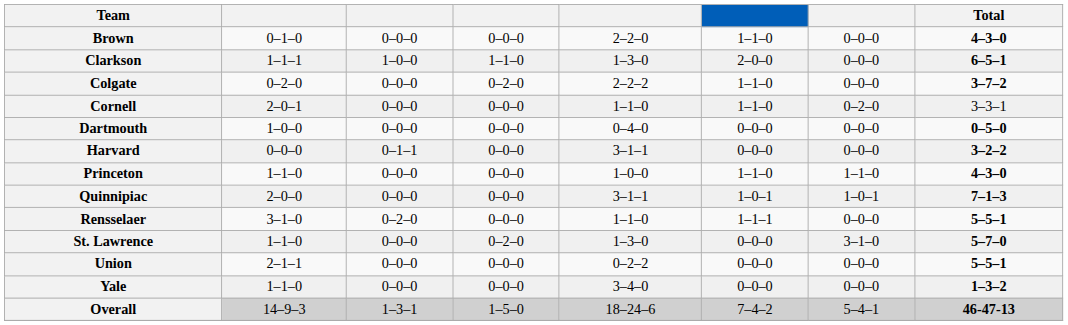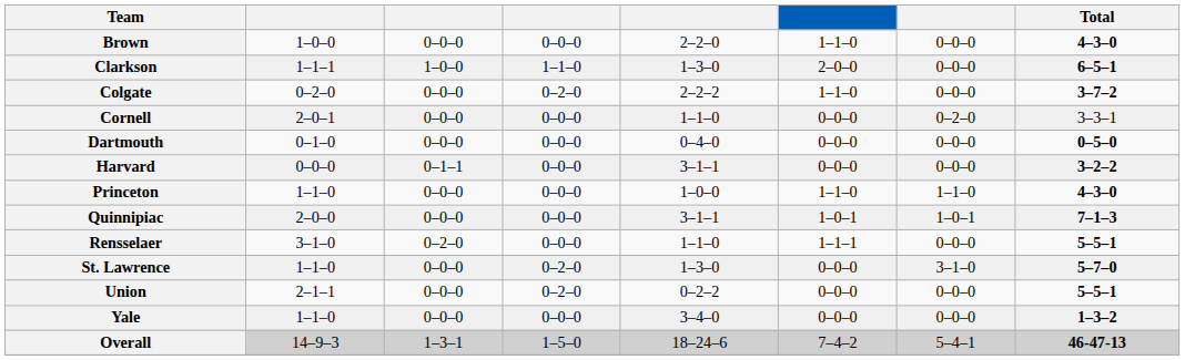 <table class="wikitable" style="text-align: center; "width=60%">
 <tr>
 <th>Team</th>
 <th><a href='#'></a></th>
 <th><a href='#'></a></th>
 <th><a href='#'></a></th>
 <th><a href='#'></a></th>
 <th style="color:white; background:#005EB8"><a href='#'></a></th>
 <th><a href='#'></a></th>
 <th>Total</th>
 </tr>
 <tr>
 <th>Brown</th>
-<td>0–1–0</td>
+<td>1–0–0</td>
 <td>0–0–0</td>
 <td>0–0–0</td>
 <td>2–2–0</td>
 <td>1–1–0</td>
 <td>0–0–0</td>
 <td><strong>4–3–0</strong></td>
 </tr>
 <tr bgcolor=f0f0f0>
 <th>Clarkson</th>
 <td>1–1–1</td>
 <td>1–0–0</td>
 <td>1–1–0</td>
 <td>1–3–0</td>
 <td>2–0–0</td>
 <td>0–0–0</td>
 <td><strong>6–5–1</strong></td>
 </tr>
 <tr>
 <th>Colgate</th>
 <td>0–2–0</td>
 <td>0–0–0</td>
 <td>0–2–0</td>
 <td>2–2–2</td>
 <td>1–1–0</td>
 <td>0–0–0</td>
 <td><strong>3–7–2</strong></td>
 </tr>
 <tr bgcolor=f0f0f0>
 <th>Cornell</th>
 <td>2–0–1</td>
 <td>0–0–0</td>
 <td>0–0–0</td>
 <td>1–1–0</td>
-<td>1–1–0</td>
+<td>0–0–0</td>
 <td>0–2–0</td>
 <td>3–3–1</td>
 </tr>
 <tr>
 <th>Dartmouth</th>
-<td>1–0–0</td>
+<td>0–1–0</td>
 <td>0–0–0</td>
 <td>0–0–0</td>
 <td>0–4–0</td>
 <td>0–0–0</td>
 <td>0–0–0</td>
 <td><strong>0–5–0</strong></td>
 </tr>
 <tr bgcolor=f0f0f0>
 <th>Harvard</th>
 <td>0–0–0</td>
 <td>0–1–1</td>
 <td>0–0–0</td>
 <td>3–1–1</td>
 <td>0–0–0</td>
 <td>0–0–0</td>
 <td><strong>3–2–2</strong></td>
 </tr>
 <tr>
 <th>Princeton</th>
 <td>1–1–0</td>
 <td>0–0–0</td>
 <td>0–0–0</td>
 <td>1–0–0</td>
 <td>1–1–0</td>
 <td>1–1–0</td>
 <td><strong>4–3–0</strong></td>
 </tr>
 <tr bgcolor=f0f0f0>
 <th>Quinnipiac</th>
 <td>2–0–0</td>
 <td>0–0–0</td>
 <td>0–0–0</td>
 <td>3–1–1</td>
 <td>1–0–1</td>
 <td>1–0–1</td>
 <td><strong>7–1–3</strong></td>
 </tr>
 <tr>
 <th>Rensselaer</th>
 <td>3–1–0</td>
 <td>0–2–0</td>
 <td>0–0–0</td>
 <td>1–1–0</td>
 <td>1–1–1</td>
 <td>0–0–0</td>
 <td><strong>5–5–1</strong></td>
 </tr>
 <tr bgcolor=f0f0f0>
 <th>St. Lawrence</th>
 <td>1–1–0</td>
 <td>0–0–0</td>
 <td>0–2–0</td>
 <td>1–3–0</td>
 <td>0–0–0</td>
 <td>3–1–0</td>
 <td><strong>5–7–0</strong></td>
 </tr>
 <tr>
 <th>Union</th>
 <td>2–1–1</td>
 <td>0–0–0</td>
-<td>0–0–0</td>
+<td>0–2–0</td>
 <td>0–2–2</td>
 <td>0–0–0</td>
 <td>0–0–0</td>
 <td><strong>5–5–1</strong></td>
 </tr>
 <tr bgcolor=f0f0f0>
 <th>Yale</th>
 <td>1–1–0</td>
 <td>0–0–0</td>
 <td>0–0–0</td>
 <td>3–4–0</td>
 <td>0–0–0</td>
 <td>0–0–0</td>
 <td><strong>1–3–2</strong></td>
 </tr>
 <tr bgcolor=d0d0d0>
 <th>Overall</th>
 <td>14–9–3</td>
 <td>1–3–1</td>
 <td>1–5–0</td>
 <td>18–24–6</td>
 <td>7–4–2</td>
 <td>5–4–1</td>
 <td><strong>46-47-13</strong></td>
 </tr>
 <tr>
 </tr>
 </table>
